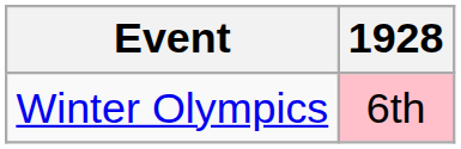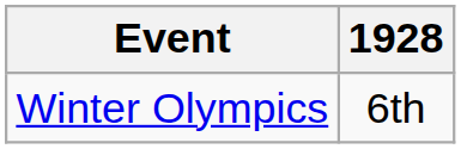 <table class="wikitable">
 <tr>
 <th>Event</th>
 <th>1928</th>
 </tr>
 <tr>
 <td><a href='#'>Winter Olympics</a></td>
-<td align="center" style="background: pink;">6th</td>
+<td align="center">6th</td>
 </tr>
 </table>
